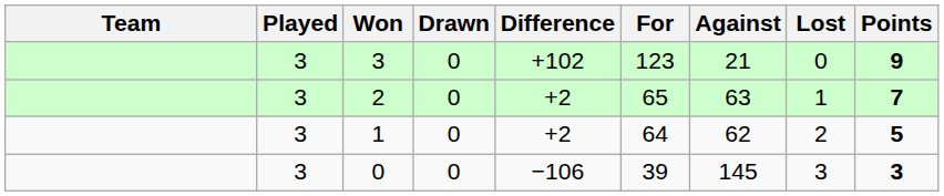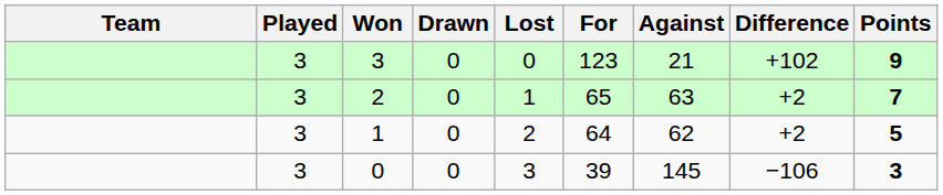 <table class="wikitable" style="text-align:center">
 <tr>
 <th width="165">Team</th>
 <th width="40">Played</th>
 <th width="40">Won</th>
 <th width="40">Drawn</th>
-<th width="40">Difference</th>
+<th width="40">Lost</th>
 <th width="40">For</th>
 <th width="40">Against</th>
-<th width="40">Lost</th>
+<th width="40">Difference</th>
 <th width="40">Points</th>
 </tr>
 <tr bgcolor="#ccffcc">
 <td align="left"></td>
 <td>3</td>
 <td>3</td>
 <td>0</td>
-<td>+102</td>
+<td>0</td>
 <td>123</td>
 <td>21</td>
-<td>0</td>
+<td>+102</td>
 <td><strong>9</strong></td>
 </tr>
 <tr bgcolor="#ccffcc">
 <td align="left"></td>
 <td>3</td>
 <td>2</td>
 <td>0</td>
-<td>+2</td>
+<td>1</td>
 <td>65</td>
 <td>63</td>
-<td>1</td>
+<td>+2</td>
 <td><strong>7</strong></td>
 </tr>
 <tr>
 <td align="left"></td>
 <td>3</td>
 <td>1</td>
 <td>0</td>
-<td>+2</td>
+<td>2</td>
 <td>64</td>
 <td>62</td>
-<td>2</td>
+<td>+2</td>
 <td><strong>5</strong></td>
 </tr>
 <tr>
 <td align="left"></td>
 <td>3</td>
 <td>0</td>
 <td>0</td>
-<td>−106</td>
+<td>3</td>
 <td>39</td>
 <td>145</td>
-<td>3</td>
+<td>−106</td>
 <td><strong>3</strong></td>
 </tr>
 </table>
